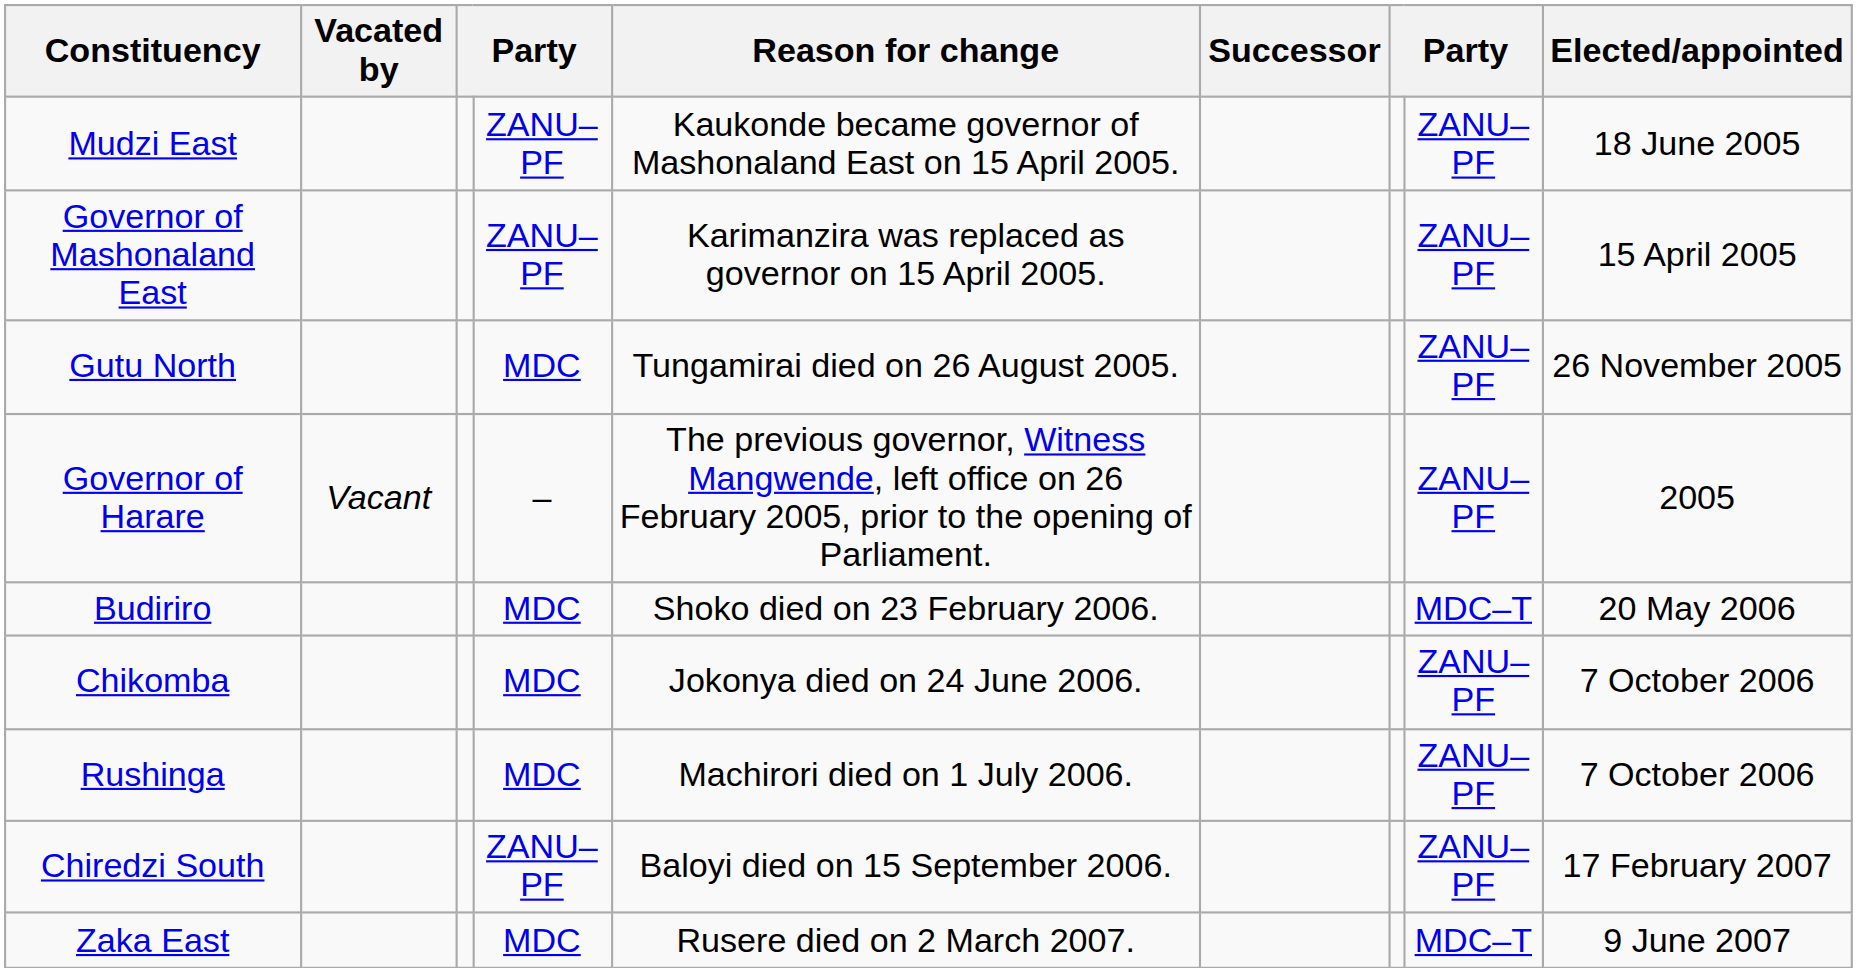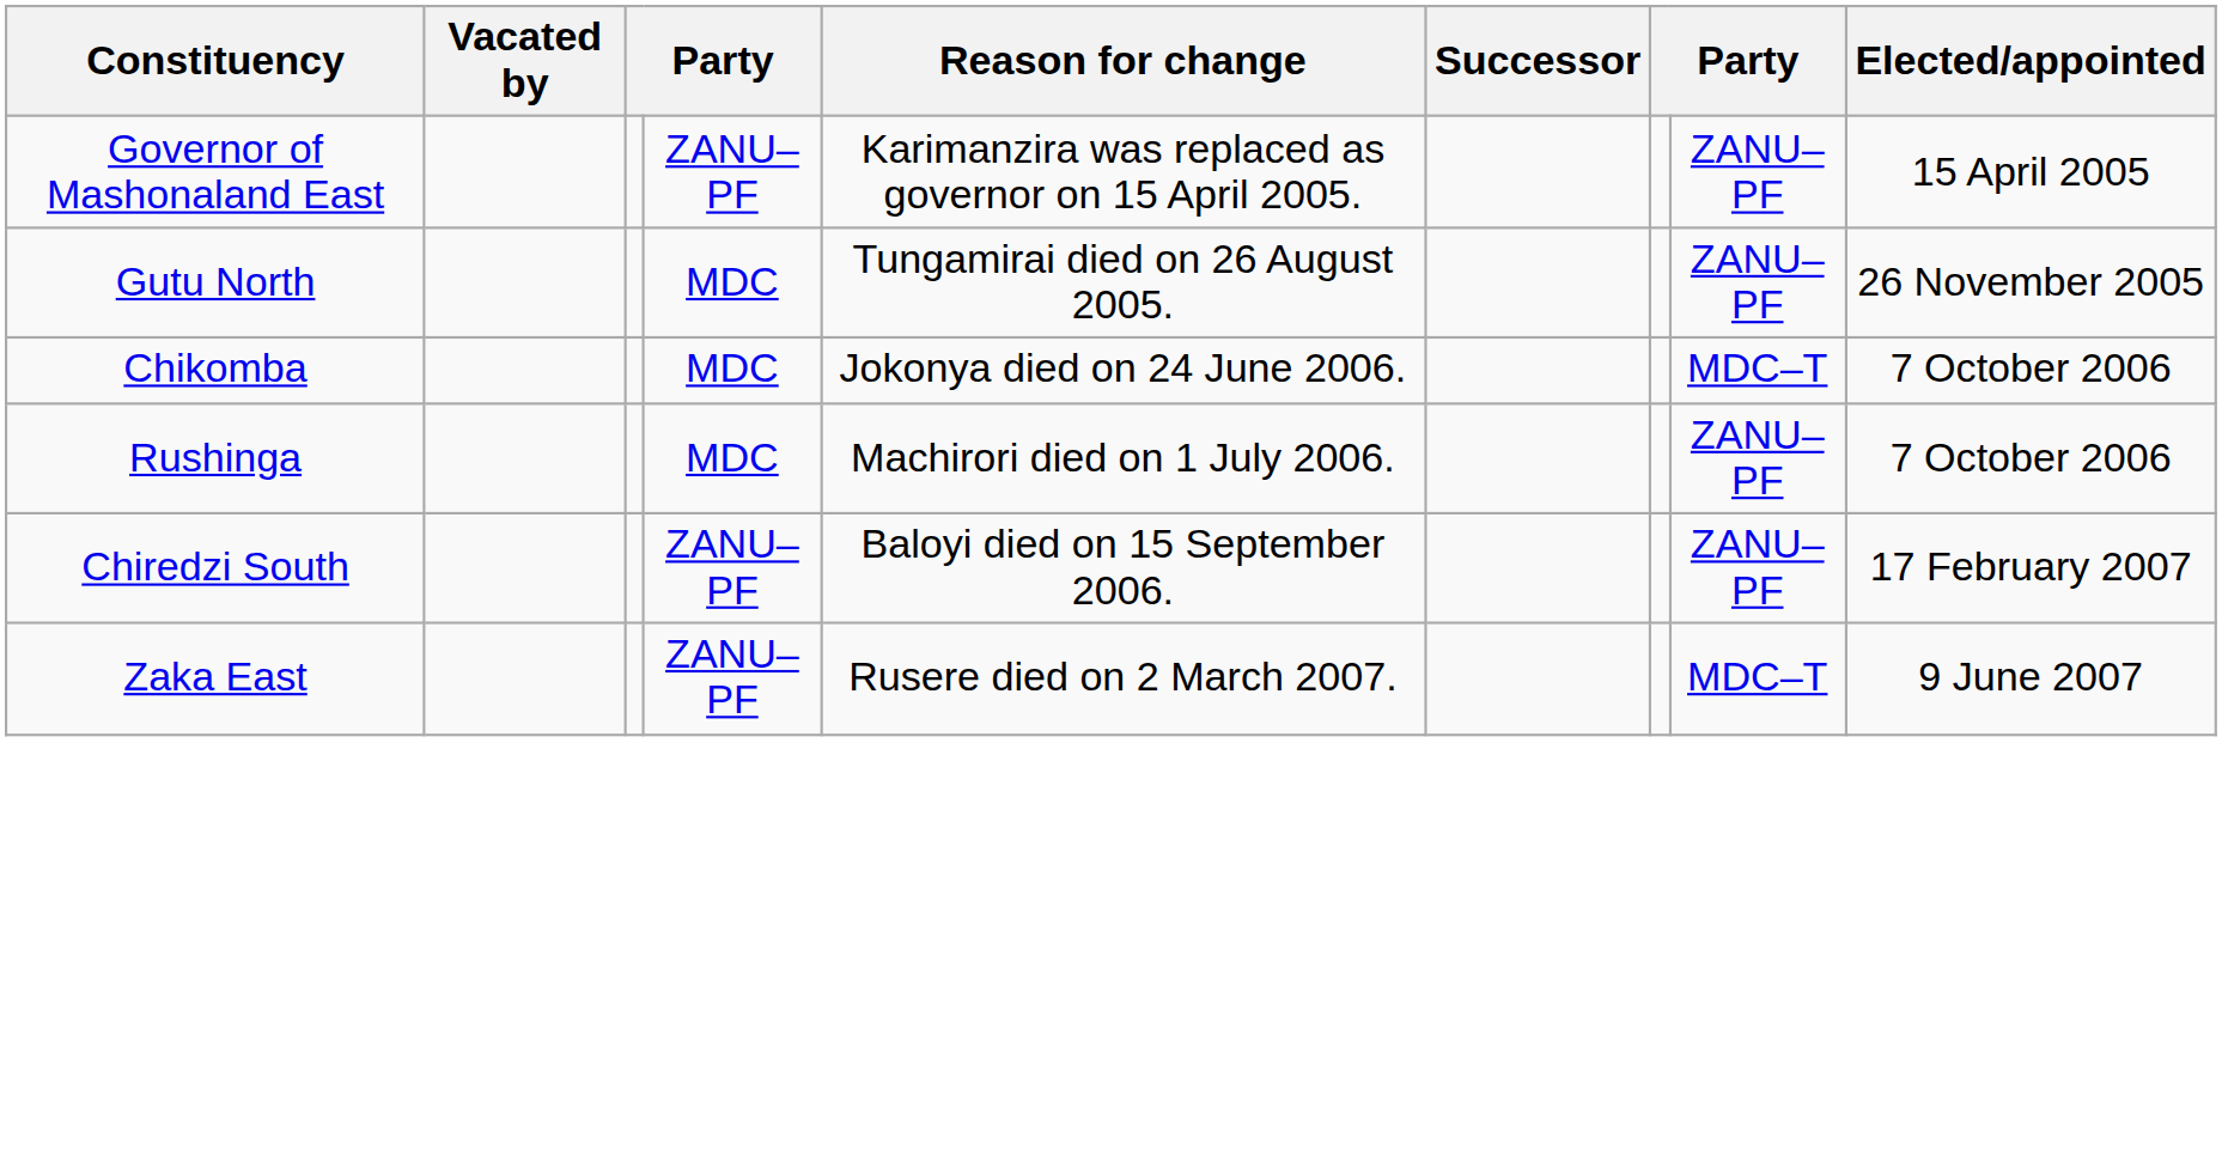 <table class="wikitable sortable" style="text-align:center">
 <tr>
 <th>Constituency</th>
 <th>Vacated by</th>
 <th colspan="2">Party</th>
 <th>Reason for change</th>
 <th>Successor</th>
 <th colspan="2">Party</th>
 <th>Elected/appointed</th>
-</tr>
-<tr>
-<td><a href='#'>Mudzi East</a></td>
-<td></td>
-<td style="background-color: "></td>
-<td><a href='#'>ZANU–PF</a></td>
-<td>Kaukonde became governor of Mashonaland East on 15 April 2005.</td>
-<td></td>
-<td style="background-color: "></td>
-<td><a href='#'>ZANU–PF</a></td>
-<td>18 June 2005</td>
 </tr>
 <tr>
 <td><a href='#'>Governor of Mashonaland East</a></td>
 <td></td>
 <td style="background-color: "></td>
 <td><a href='#'>ZANU–PF</a></td>
 <td>Karimanzira was replaced as governor on 15 April 2005.</td>
 <td></td>
 <td style="background-color: "></td>
 <td><a href='#'>ZANU–PF</a></td>
 <td>15 April 2005</td>
 </tr>
 <tr>
 <td><a href='#'>Gutu North</a></td>
 <td></td>
 <td style="background-color: "></td>
 <td><a href='#'>MDC</a></td>
 <td>Tungamirai died on 26 August 2005.</td>
 <td></td>
 <td style="background-color: "></td>
 <td><a href='#'>ZANU–PF</a></td>
 <td>26 November 2005</td>
 </tr>
 <tr>
-<td><a href='#'>Governor of Harare</a></td>
-<td><em>Vacant</em></td>
-<td></td>
-<td>–</td>
-<td>The previous governor, <a href='#'>Witness Mangwende</a>, left office on 26 February 2005, prior to the opening of Parliament.</td>
-<td></td>
-<td style="background-color: "></td>
-<td><a href='#'>ZANU–PF</a></td>
-<td>2005</td>
-</tr>
-<tr>
-<td><a href='#'>Budiriro</a></td>
-<td></td>
-<td style="background-color: "></td>
-<td><a href='#'>MDC</a></td>
-<td>Shoko died on 23 February 2006.</td>
-<td></td>
-<td style="background-color: "></td>
-<td><a href='#'>MDC–T</a></td>
-<td>20 May 2006</td>
-</tr>
-<tr>
 <td><a href='#'>Chikomba</a></td>
 <td></td>
 <td style="background-color: "></td>
 <td><a href='#'>MDC</a></td>
 <td>Jokonya died on 24 June 2006.</td>
 <td></td>
 <td style="background-color: "></td>
-<td><a href='#'>ZANU–PF</a></td>
+<td><a href='#'>MDC–T</a></td>
 <td>7 October 2006</td>
 </tr>
 <tr>
 <td><a href='#'>Rushinga</a></td>
 <td></td>
 <td style="background-color: "></td>
 <td><a href='#'>MDC</a></td>
 <td>Machirori died on 1 July 2006.</td>
 <td></td>
 <td style="background-color: "></td>
 <td><a href='#'>ZANU–PF</a></td>
 <td>7 October 2006</td>
 </tr>
 <tr>
 <td><a href='#'>Chiredzi South</a></td>
 <td></td>
 <td style="background-color: "></td>
 <td><a href='#'>ZANU–PF</a></td>
 <td>Baloyi died on 15 September 2006.</td>
 <td></td>
 <td style="background-color: "></td>
 <td><a href='#'>ZANU–PF</a></td>
 <td>17 February 2007</td>
 </tr>
 <tr>
 <td><a href='#'>Zaka East</a></td>
 <td></td>
 <td style="background-color: "></td>
-<td><a href='#'>MDC</a></td>
+<td><a href='#'>ZANU–PF</a></td>
 <td>Rusere died on 2 March 2007.</td>
 <td></td>
 <td style="background-color: "></td>
 <td><a href='#'>MDC–T</a></td>
 <td>9 June 2007</td>
 </tr>
 </table>
